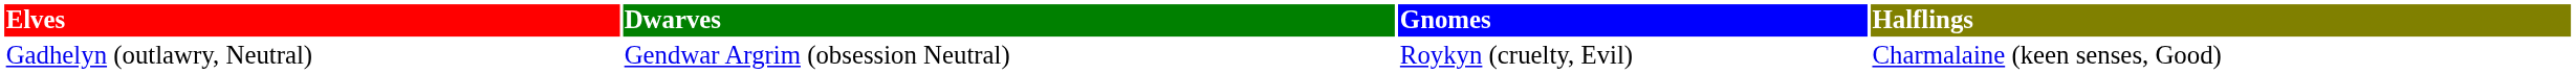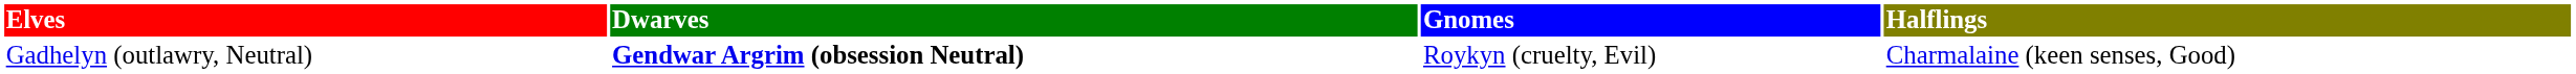 <table border=0 width=100%>
 <tr>
 <td style="color:white" bgcolor=red><strong>Elves</strong></td>
 <td style="color:white" bgcolor=green><strong>Dwarves</strong></td>
 <td style="color:white" bgcolor=blue><strong>Gnomes</strong></td>
 <td style="color:white" bgcolor=olive><strong>Halflings</strong></td>
 </tr>
 <tr>
 <td><a href='#'>Gadhelyn</a> (outlawry, Neutral)</td>
-<td><a href='#'>Gendwar Argrim</a> (obsession Neutral)</td>
+<td><strong><a href='#'>Gendwar Argrim</a> (obsession Neutral)</strong></td>
 <td><a href='#'>Roykyn</a> (cruelty, Evil)</td>
 <td><a href='#'>Charmalaine</a> (keen senses, Good)</td>
 </tr>
 <tr>
 </tr>
 </table>
